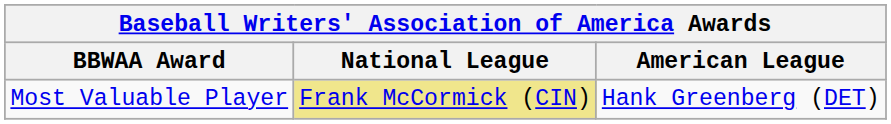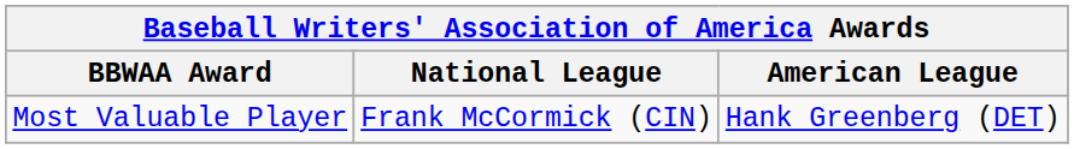 <table class="wikitable">
 <tr>
 <th colspan="3"><a href='#'>Baseball Writers' Association of America</a> Awards</th>
 </tr>
 <tr>
 <th>BBWAA Award</th>
 <th>National League</th>
 <th>American League</th>
 </tr>
 <tr>
 <td><a href='#'>Most Valuable Player</a></td>
-<td style="background: khaki;"><a href='#'>Frank McCormick</a> (<a href='#'>CIN</a>)</td>
+<td><a href='#'>Frank McCormick</a> (<a href='#'>CIN</a>)</td>
 <td><a href='#'>Hank Greenberg</a> (<a href='#'>DET</a>)</td>
 </tr>
 </table>
